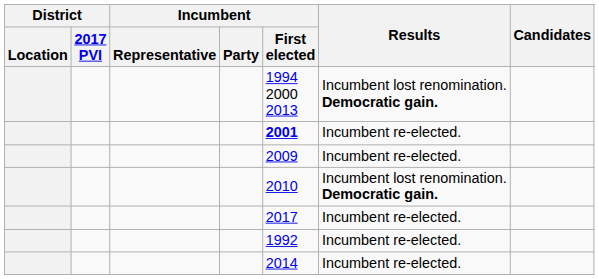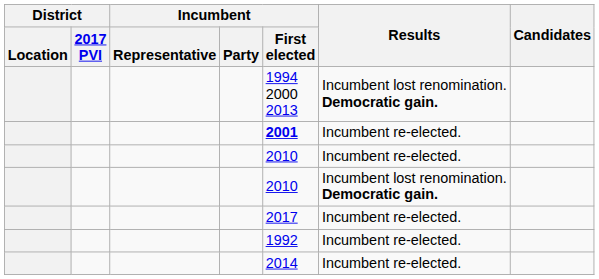 <table class="wikitable sortable">
 <tr>
 <th colspan=2>District</th>
 <th colspan=3>Incumbent</th>
 <th rowspan=2>Results</th>
 <th rowspan=2>Candidates</th>
 </tr>
 <tr valign=bottom>
 <th>Location</th>
 <th><a href='#'>2017<br>PVI</a></th>
 <th>Representative</th>
 <th>Party</th>
 <th>First<br>elected</th>
 </tr>
 <tr>
 <th></th>
 <td></td>
 <td></td>
 <td></td>
 <td><a href='#'>1994</a><br>2000 <br><a href='#'>2013 </a></td>
 <td>Incumbent lost renomination.<br><strong>Democratic gain.</strong></td>
 <td nowrap></td>
 </tr>
 <tr>
 <th></th>
 <td></td>
 <td></td>
 <td></td>
 <td><strong><a href='#'>2001 </a></strong></td>
 <td>Incumbent re-elected.</td>
 <td nowrap></td>
 </tr>
 <tr>
 <th></th>
 <td></td>
 <td></td>
 <td></td>
-<td><a href='#'>2009</a></td>
+<td><a href='#'>2010</a></td>
 <td>Incumbent re-elected.</td>
 <td nowrap></td>
 </tr>
 <tr>
 <th></th>
 <td></td>
 <td></td>
 <td></td>
 <td><a href='#'>2010</a></td>
 <td>Incumbent lost renomination.<br><strong>Democratic gain.</strong></td>
 <td nowrap></td>
 </tr>
 <tr>
 <th></th>
 <td></td>
 <td></td>
 <td></td>
 <td><a href='#'>2017 </a></td>
 <td>Incumbent re-elected.</td>
 <td nowrap></td>
 </tr>
 <tr>
 <th></th>
 <td></td>
 <td></td>
 <td></td>
 <td><a href='#'>1992</a></td>
 <td>Incumbent re-elected.</td>
 <td nowrap></td>
 </tr>
 <tr>
 <th></th>
 <td></td>
 <td></td>
 <td></td>
 <td><a href='#'>2014</a></td>
 <td>Incumbent re-elected.</td>
 <td nowrap></td>
 </tr>
 </table>
